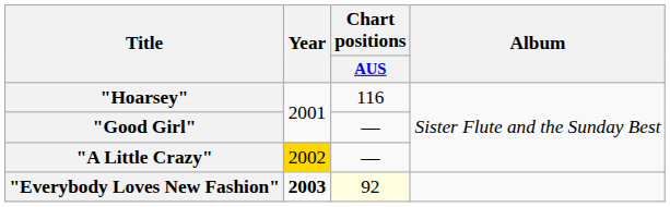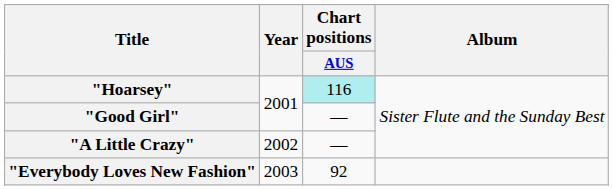 <table class="wikitable plainrowheaders" style="text-align:center;">
 <tr>
 <th rowspan="2">Title</th>
 <th rowspan="2">Year</th>
 <th colspan="1">Chart positions</th>
 <th rowspan="2">Album</th>
 </tr>
 <tr>
 <th scope="col" style="width:3em; font-size:85%"><a href='#'>AUS</a><br></th>
 </tr>
 <tr>
 <th scope="row">"Hoarsey"</th>
 <td rowspan="2">2001</td>
-<td>116</td>
+<td style="background: paleturquoise;">116</td>
 <td rowspan="3"><em>Sister Flute and the Sunday Best</em></td>
 </tr>
 <tr>
 <th scope="row">"Good Girl"</th>
 <td>—</td>
 </tr>
 <tr>
 <th scope="row">"A Little Crazy"</th>
-<td style="background: gold;">2002</td>
+<td>2002</td>
 <td>—</td>
 </tr>
 <tr>
 <th scope="row">"Everybody Loves New Fashion"</th>
-<td rowspan="1"><strong>2003</strong></td>
-<td style="background: lightyellow;">92</td>
+<td rowspan="1">2003</td>
+<td>92</td>
 <td rowspan="1"></td>
 </tr>
 </table>
